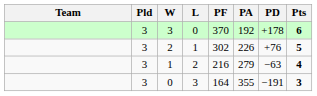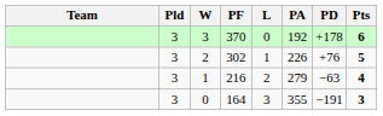 <table class=wikitable style="text-align:center">
 <tr>
 <th width=180>Team</th>
 <th width=30>Pld</th>
 <th width=30>W</th>
+<th width=30>PF</th>
 <th width=30>L</th>
-<th width=30>PF</th>
 <th width=30>PA</th>
 <th width=30>PD</th>
 <th width=30>Pts</th>
 </tr>
 <tr bgcolor="#ccffcc">
 <td align="left"></td>
 <td>3</td>
 <td>3</td>
+<td>370</td>
 <td>0</td>
-<td>370</td>
 <td>192</td>
 <td>+178</td>
 <td><strong>6</strong></td>
 </tr>
 <tr>
 <td align="left"></td>
 <td>3</td>
 <td>2</td>
+<td>302</td>
 <td>1</td>
-<td>302</td>
 <td>226</td>
 <td>+76</td>
 <td><strong>5</strong></td>
 </tr>
 <tr>
 <td align="left"></td>
 <td>3</td>
 <td>1</td>
+<td>216</td>
 <td>2</td>
-<td>216</td>
 <td>279</td>
 <td>−63</td>
 <td><strong>4</strong></td>
 </tr>
 <tr>
 <td align="left"></td>
 <td>3</td>
 <td>0</td>
+<td>164</td>
 <td>3</td>
-<td>164</td>
 <td>355</td>
 <td>−191</td>
 <td><strong>3</strong></td>
 </tr>
 </table>
